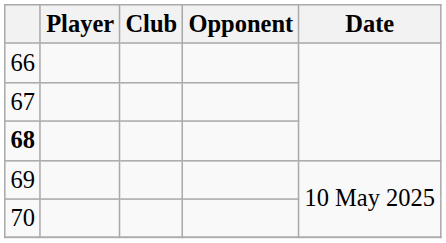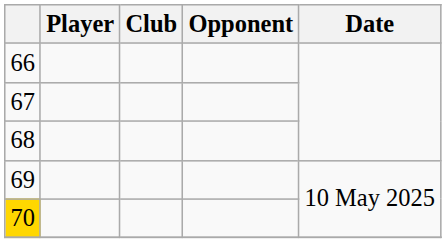 <table class="wikitable" style="text-align:center">
 <tr>
 <th></th>
 <th>Player</th>
 <th>Club</th>
 <th>Opponent</th>
 <th>Date</th>
 </tr>
 <tr>
 <td>66</td>
 <td align="left"></td>
 <td></td>
 <td></td>
 <td rowspan="3"></td>
 </tr>
 <tr>
 <td>67</td>
 <td align="left"></td>
 <td></td>
 <td></td>
 </tr>
 <tr>
-<td><strong>68</strong></td>
+<td>68</td>
 <td align="left"></td>
 <td></td>
 <td></td>
 </tr>
 <tr>
 <td>69</td>
 <td align="left"></td>
 <td></td>
 <td></td>
 <td rowspan="2">10 May 2025</td>
 </tr>
 <tr>
-<td>70</td>
+<td style="background: gold;">70</td>
 <td align="left"></td>
 <td></td>
 <td></td>
 </tr>
 <tr>
 </tr>
 </table>
